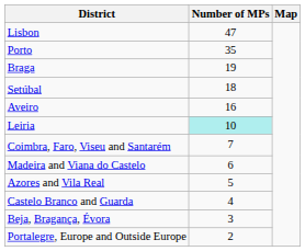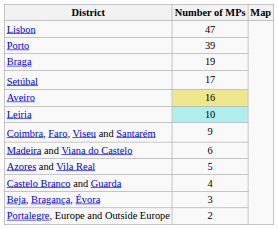 <table class="wikitable">
 <tr>
 <th>District</th>
 <th>Number of MPs</th>
 <th>Map</th>
 </tr>
 <tr>
 <td><a href='#'>Lisbon</a></td>
 <td style="text-align:center;">47</td>
 <td style="text-align:center;" rowspan="12"><br>                      </td>
 </tr>
 <tr>
 <td><a href='#'>Porto</a></td>
-<td style="text-align:center;">35</td>
+<td style="text-align:center;">39</td>
 </tr>
 <tr>
 <td><a href='#'>Braga</a></td>
 <td style="text-align:center;">19</td>
 </tr>
 <tr>
 <td><a href='#'>Setúbal</a><sup></sup></td>
-<td style="text-align:center;">18</td>
+<td style="text-align:center;">17</td>
 </tr>
 <tr>
 <td><a href='#'>Aveiro</a></td>
-<td style="text-align:center;">16</td>
+<td style="background: khaki; text-align:center;">16</td>
 </tr>
 <tr>
 <td><a href='#'>Leiria</a></td>
 <td style="background: paleturquoise; text-align:center;">10</td>
 </tr>
 <tr>
 <td><a href='#'>Coimbra</a>, <a href='#'>Faro</a>, <a href='#'>Viseu</a> and <a href='#'>Santarém</a><sup></sup></td>
-<td style="text-align:center;">7</td>
+<td style="text-align:center;">9</td>
 </tr>
 <tr>
 <td><a href='#'>Madeira</a> and <a href='#'>Viana do Castelo</a></td>
 <td style="text-align:center;">6</td>
 </tr>
 <tr>
 <td><a href='#'>Azores</a> and <a href='#'>Vila Real</a></td>
 <td style="text-align:center;">5</td>
 </tr>
 <tr>
 <td><a href='#'>Castelo Branco</a> and <a href='#'>Guarda</a></td>
 <td style="text-align:center;">4</td>
 </tr>
 <tr>
 <td><a href='#'>Beja</a>, <a href='#'>Bragança</a>, <a href='#'>Évora</a></td>
 <td style="text-align:center;">3</td>
 </tr>
 <tr>
 <td><a href='#'>Portalegre</a>, Europe and Outside Europe</td>
 <td style="text-align:center;">2</td>
 </tr>
 </table>
